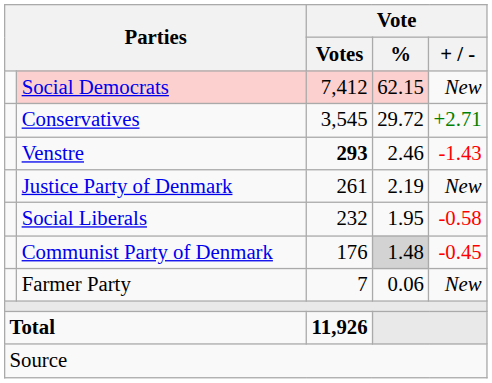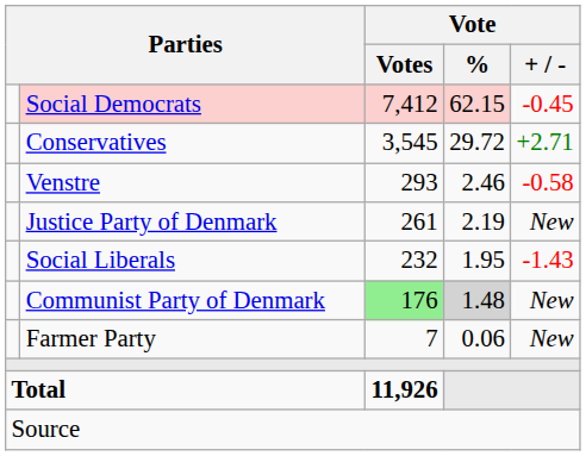 <table class="wikitable" style="text-align:right;">
 <tr>
 <th style="text-align:centre;" rowspan="2" colspan="2" width="225">Parties</th>
 <th colspan="3">Vote</th>
 </tr>
 <tr>
 <th width="15">Votes</th>
 <th width="15">%</th>
 <th width="15">+ / -</th>
 </tr>
 <tr>
 <td width="2" style="color:inherit;background:"></td>
 <td bgcolor=#fbd0ce  align="left"><a href='#'>Social Democrats</a></td>
 <td bgcolor=#fbd0ce>7,412</td>
 <td bgcolor=#fbd0ce>62.15</td>
-<td><em>New</em></td>
+<td style=color:red;>-0.45</td>
 </tr>
 <tr>
 <td width="2" style="color:inherit;background:"></td>
 <td align="left"><a href='#'>Conservatives</a></td>
 <td>3,545</td>
 <td>29.72</td>
 <td style=color:green;>+2.71</td>
 </tr>
 <tr>
 <td width="2" style="color:inherit;background:"></td>
 <td align="left"><a href='#'>Venstre</a></td>
-<td><strong>293</strong></td>
+<td>293</td>
 <td>2.46</td>
-<td style=color:red;>-1.43</td>
+<td style=color:red;>-0.58</td>
 </tr>
 <tr>
 <td width="2" style="color:inherit;background:"></td>
 <td align="left"><a href='#'>Justice Party of Denmark</a></td>
 <td>261</td>
 <td>2.19</td>
 <td><em>New</em></td>
 </tr>
 <tr>
 <td width="2" style="color:inherit;background:"></td>
 <td align="left"><a href='#'>Social Liberals</a></td>
 <td>232</td>
 <td>1.95</td>
-<td style=color:red;>-0.58</td>
+<td style=color:red;>-1.43</td>
 </tr>
 <tr>
 <td width="2" style="color:inherit;background:"></td>
 <td align="left"><a href='#'>Communist Party of Denmark</a></td>
-<td>176</td>
+<td style="background: lightgreen;">176</td>
 <td style="background: lightgrey;">1.48</td>
-<td style=color:red;>-0.45</td>
+<td><em>New</em></td>
 </tr>
 <tr>
 <td width="2" style="color:inherit;background:"></td>
 <td align="left">Farmer Party</td>
 <td>7</td>
 <td>0.06</td>
 <td><em>New</em></td>
 </tr>
 <tr>
 <td colspan="7" bgcolor="#E9E9E9"></td>
 </tr>
 <tr>
 <td align="left" colspan="2"><strong>Total</strong></td>
 <td><strong>11,926</strong></td>
 <td bgcolor="#E9E9E9" colspan="2"></td>
 </tr>
 <tr>
 <td align="left" colspan="6">Source</td>
 </tr>
 </table>
